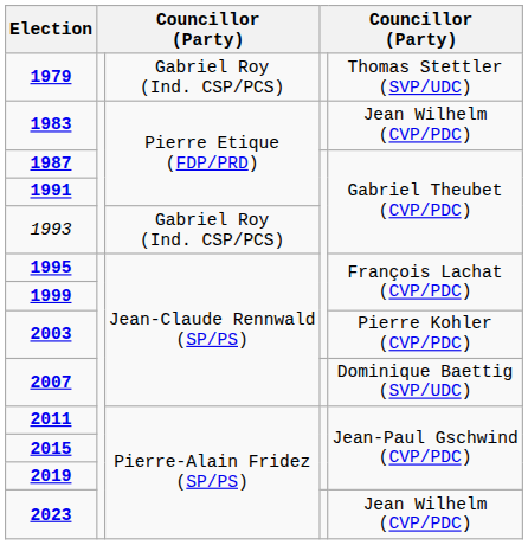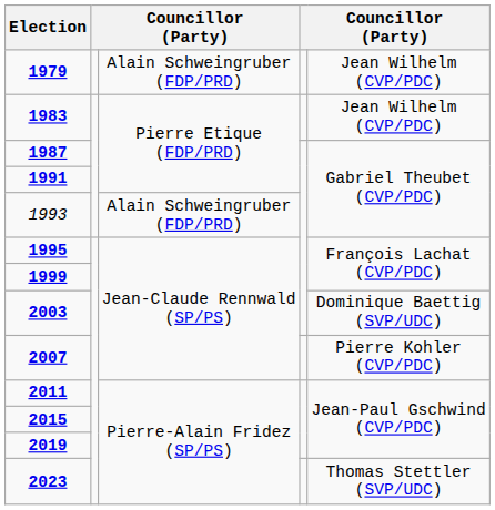 <table class="wikitable" style="text-align:center">
 <tr>
 <th>Election</th>
 <th colspan=2>Councillor<br>(Party)</th>
 <th colspan=2>Councillor<br>(Party)</th>
 </tr>
 <tr>
 <td><strong><a href='#'>1979</a></strong></td>
 <td rowspan=1; style="background-color: "></td>
-<td rowspan=1>Gabriel Roy<br>(Ind. CSP/PCS)</td>
+<td rowspan=1>Alain Schweingruber<br>(<a href='#'>FDP/PRD</a>)</td>
 <td rowspan=1; style="background-color: "></td>
-<td rowspan=1>Thomas Stettler<br>(<a href='#'>SVP/UDC</a>)</td>
+<td rowspan=1>Jean Wilhelm<br>(<a href='#'>CVP/PDC</a>)</td>
 </tr>
 <tr>
 <td><strong><a href='#'>1983</a></strong></td>
 <td rowspan=4; style="background-color: "></td>
 <td rowspan=3>Pierre Etique<br>(<a href='#'>FDP/PRD</a>)</td>
 <td rowspan=1; style="background-color: "></td>
 <td rowspan=1>Jean Wilhelm<br>(<a href='#'>CVP/PDC</a>)</td>
 </tr>
 <tr>
 <td><strong><a href='#'>1987</a></strong></td>
 <td rowspan=6; style="background-color: "></td>
 <td rowspan=3>Gabriel Theubet<br>(<a href='#'>CVP/PDC</a>)</td>
 </tr>
 <tr>
 <td><strong><a href='#'>1991</a></strong></td>
 </tr>
 <tr>
 <td><em>1993</em></td>
-<td rowspan=1>Gabriel Roy<br>(Ind. CSP/PCS)</td>
+<td rowspan=1>Alain Schweingruber<br>(<a href='#'>FDP/PRD</a>)</td>
 </tr>
 <tr>
 <td><strong><a href='#'>1995</a></strong></td>
 <td rowspan=8; style="background-color: "></td>
 <td rowspan=4>Jean-Claude Rennwald<br>(<a href='#'>SP/PS</a>)</td>
 <td rowspan=2>François Lachat<br>(<a href='#'>CVP/PDC</a>)</td>
 </tr>
 <tr>
 <td><strong><a href='#'>1999</a></strong></td>
 </tr>
 <tr>
 <td><strong><a href='#'>2003</a></strong></td>
-<td rowspan=1>Pierre Kohler<br>(<a href='#'>CVP/PDC</a>)</td>
+<td rowspan=1>Dominique Baettig<br>(<a href='#'>SVP/UDC</a>)</td>
 </tr>
 <tr>
 <td><strong><a href='#'>2007</a></strong></td>
 <td rowspan=1; style="background-color: "></td>
-<td rowspan=1>Dominique Baettig<br>(<a href='#'>SVP/UDC</a>)</td>
+<td rowspan=1>Pierre Kohler<br>(<a href='#'>CVP/PDC</a>)</td>
 </tr>
 <tr>
 <td><strong><a href='#'>2011</a></strong></td>
 <td rowspan=4>Pierre-Alain Fridez<br>(<a href='#'>SP/PS</a>)</td>
 <td rowspan=3; style="background-color: "></td>
 <td rowspan=3>Jean-Paul Gschwind<br>(<a href='#'>CVP/PDC</a>)</td>
 </tr>
 <tr>
 <td><strong><a href='#'>2015</a></strong></td>
 </tr>
 <tr>
 <td><strong><a href='#'>2019</a></strong></td>
 </tr>
 <tr>
 <td><strong><a href='#'>2023</a></strong></td>
 <td rowspan=1; style="background-color: "></td>
-<td rowspan=1>Jean Wilhelm<br>(<a href='#'>CVP/PDC</a>)</td>
+<td rowspan=1>Thomas Stettler<br>(<a href='#'>SVP/UDC</a>)</td>
 </tr>
 </table>
